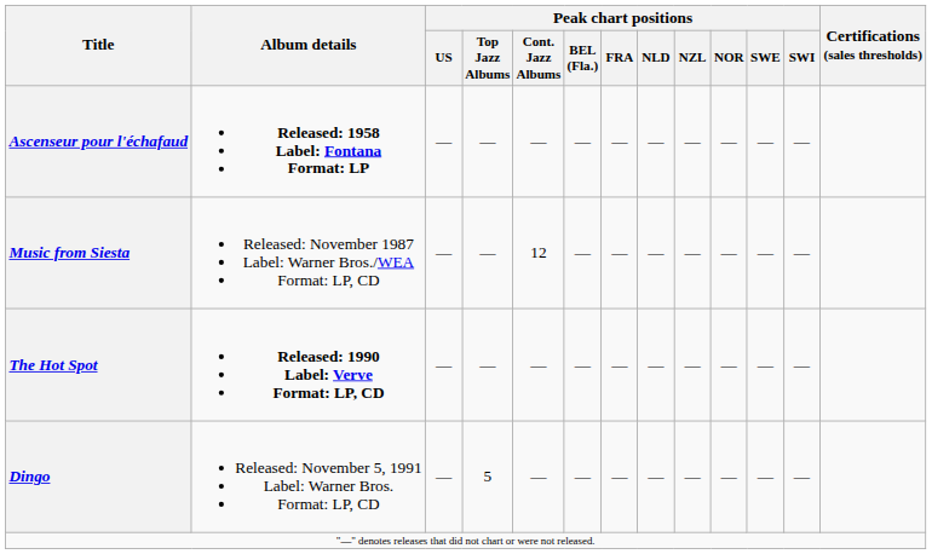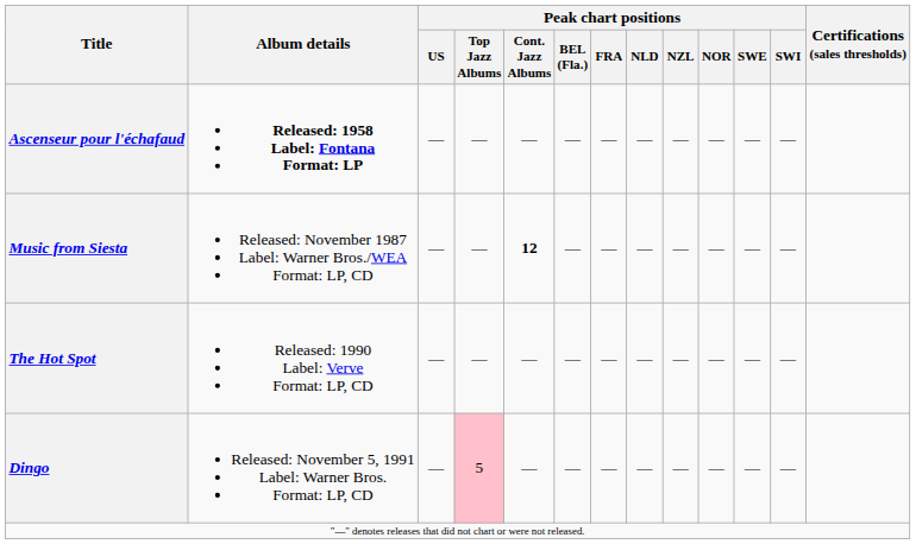 <table class="wikitable plainrowheaders" style="text-align:center">
 <tr>
 <th scope=col rowspan="2">Title</th>
 <th scope=col rowspan="2">Album details</th>
 <th scope=col colspan="10">Peak chart positions</th>
 <th scope=col rowspan="2">Certifications<br><small>(sales thresholds)</small></th>
 </tr>
 <tr style="font-size:smaller;">
 <th width="30">US<br></th>
 <th width="30">Top <br>Jazz Albums<br></th>
 <th width="30">Cont. <br>Jazz Albums<br></th>
 <th width="30">BEL (Fla.)<br></th>
 <th width="30">FRA<br></th>
 <th width="30">NLD<br></th>
 <th width="30">NZL<br></th>
 <th width="30">NOR<br></th>
 <th width="30">SWE<br></th>
 <th width="30">SWI<br></th>
 </tr>
 <tr>
 <th scope=row style="text-align:left"><em><a href='#'>Ascenseur pour l'échafaud</a></em></th>
 <td><strong><br><ul><li>Released: 1958</li><li>Label: <a href='#'>Fontana</a></li><li>Format: LP</li></ul></strong></td>
 <td>—</td>
 <td>—</td>
 <td>—</td>
 <td>—</td>
 <td>—</td>
 <td>—</td>
 <td>—</td>
 <td>—</td>
 <td>—</td>
 <td>—</td>
 <td></td>
 </tr>
 <tr>
 <th scope=row style="text-align:left"><em><a href='#'>Music from Siesta</a></em></th>
 <td><br><ul><li>Released: November 1987</li><li>Label: Warner Bros./<a href='#'>WEA</a></li><li>Format: LP, CD</li></ul></td>
 <td>—</td>
 <td>—</td>
-<td>12</td>
+<td><strong>12</strong></td>
 <td>—</td>
 <td>—</td>
 <td>—</td>
 <td>—</td>
 <td>—</td>
 <td>—</td>
 <td>—</td>
 <td></td>
 </tr>
 <tr>
 <th scope=row style="text-align:left"><em><a href='#'>The Hot Spot</a></em></th>
-<td><strong><br><ul><li>Released: 1990</li><li>Label: <a href='#'>Verve</a></li><li>Format: LP, CD</li></ul></strong></td>
+<td><br><ul><li>Released: 1990</li><li>Label: <a href='#'>Verve</a></li><li>Format: LP, CD</li></ul></td>
 <td>—</td>
 <td>—</td>
 <td>—</td>
 <td>—</td>
 <td>—</td>
 <td>—</td>
 <td>—</td>
 <td>—</td>
 <td>—</td>
 <td>—</td>
 <td></td>
 </tr>
 <tr>
 <th scope=row style="text-align:left"><em><a href='#'>Dingo</a></em></th>
 <td><br><ul><li>Released: November 5, 1991</li><li>Label: Warner Bros.</li><li>Format: LP, CD</li></ul></td>
 <td>—</td>
-<td>5</td>
+<td style="background: pink;">5</td>
 <td>—</td>
 <td>—</td>
 <td>—</td>
 <td>—</td>
 <td>—</td>
 <td>—</td>
 <td>—</td>
 <td>—</td>
 <td></td>
 </tr>
 <tr>
 <td colspan="24" style="font-size:8pt; text-align:center;">"—" denotes releases that did not chart or were not released.</td>
 </tr>
 </table>
